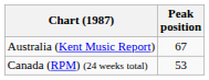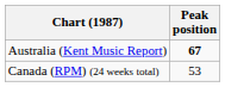 <table class="wikitable">
 <tr>
 <th>Chart (1987)</th>
 <th>Peak<br>position</th>
 </tr>
 <tr>
 <td>Australia (<a href='#'>Kent Music Report</a>)</td>
-<td style="text-align:center;">67</td>
+<td style="text-align:center;"><strong>67</strong></td>
 </tr>
 <tr>
 <td>Canada (<a href='#'>RPM</a>) <small>(24 weeks total)</small></td>
 <td style="text-align:center;">53</td>
 </tr>
 </table>
